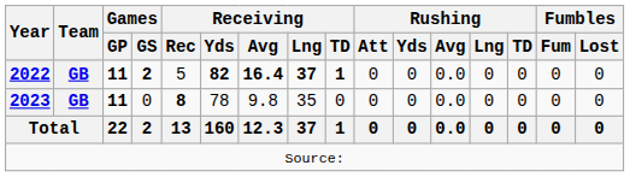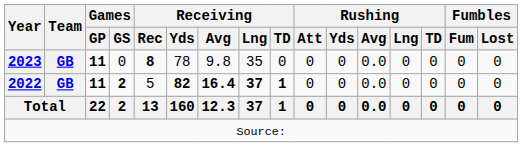 <table class="wikitable" style="text-align: center;">
 <tr>
 <th rowspan="2">Year</th>
 <th rowspan="2">Team</th>
 <th colspan="2">Games</th>
 <th colspan="5">Receiving</th>
 <th colspan="5">Rushing</th>
 <th colspan="2">Fumbles</th>
 </tr>
 <tr>
 <th>GP</th>
 <th>GS</th>
 <th>Rec</th>
 <th>Yds</th>
 <th>Avg</th>
 <th>Lng</th>
 <th>TD</th>
 <th>Att</th>
 <th>Yds</th>
 <th>Avg</th>
 <th>Lng</th>
 <th>TD</th>
 <th>Fum</th>
 <th>Lost</th>
 </tr>
 <tr>
+<th><a href='#'>2023</a></th>
+<th><a href='#'>GB</a></th>
+<td><strong>11</strong></td>
+<td>0</td>
+<td><strong>8</strong></td>
+<td>78</td>
+<td>9.8</td>
+<td>35</td>
+<td>0</td>
+<td>0</td>
+<td>0</td>
+<td>0.0</td>
+<td>0</td>
+<td>0</td>
+<td>0</td>
+<td>0</td>
+</tr>
+<tr>
 <th><a href='#'>2022</a></th>
 <th><a href='#'>GB</a></th>
 <td><strong>11</strong></td>
 <td><strong>2</strong></td>
 <td>5</td>
 <td><strong>82</strong></td>
 <td><strong>16.4</strong></td>
 <td><strong>37</strong></td>
 <td><strong>1</strong></td>
-<td>0</td>
-<td>0</td>
-<td>0.0</td>
-<td>0</td>
-<td>0</td>
-<td>0</td>
-<td>0</td>
-</tr>
-<tr>
-<th><a href='#'>2023</a></th>
-<th><a href='#'>GB</a></th>
-<td><strong>11</strong></td>
-<td>0</td>
-<td><strong>8</strong></td>
-<td>78</td>
-<td>9.8</td>
-<td>35</td>
-<td>0</td>
 <td>0</td>
 <td>0</td>
 <td>0.0</td>
 <td>0</td>
 <td>0</td>
 <td>0</td>
 <td>0</td>
 </tr>
 <tr>
 <th colspan=2>Total</th>
 <th>22</th>
 <th>2</th>
 <th>13</th>
 <th>160</th>
 <th>12.3</th>
 <th>37</th>
 <th>1</th>
 <th>0</th>
 <th>0</th>
 <th>0.0</th>
 <th>0</th>
 <th>0</th>
 <th>0</th>
 <th>0</th>
 </tr>
 <tr>
 <td colspan="16"><small>Source: </small></td>
 </tr>
 </table>
